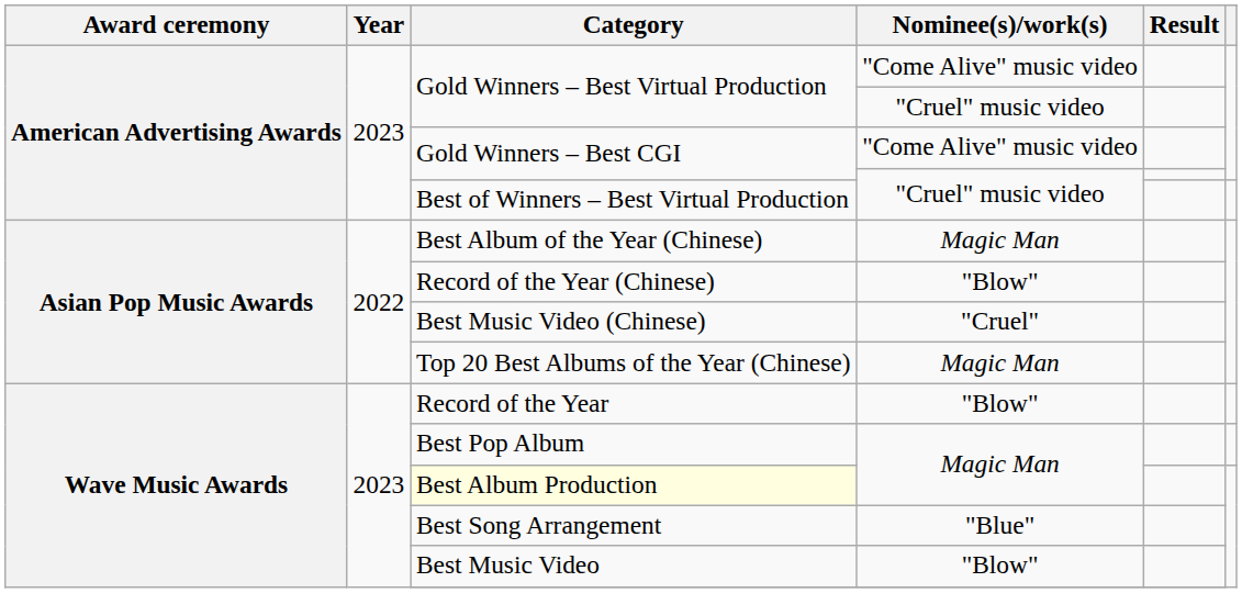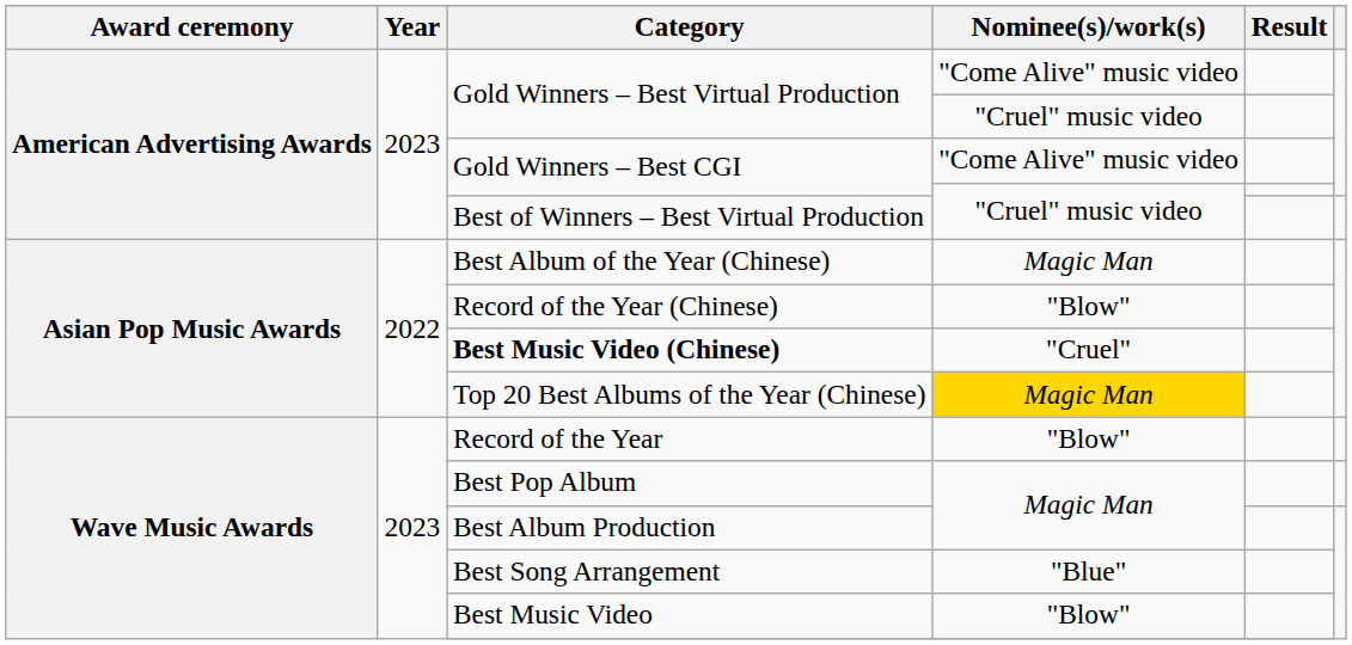 <table class="sortable wikitable plainrowheaders">
 <tr style="background:#ccc; text-align:center;">
 <th scope="col">Award ceremony</th>
 <th scope="col">Year</th>
 <th scope="col">Category</th>
 <th scope="col">Nominee(s)/work(s)</th>
 <th scope="col">Result</th>
 <th scope="col" class="unsortable"></th>
 </tr>
 <tr>
 <th scope="row" rowspan="5">American Advertising Awards </th>
 <td style="text-align:center;" rowspan="5">2023</td>
 <td rowspan="2">Gold Winners – Best Virtual Production</td>
 <td style="text-align:center;">"Come Alive" music video</td>
 <td></td>
 <td rowspan="4" style="text-align:center;"></td>
 </tr>
 <tr>
 <td style="text-align:center;">"Cruel" music video</td>
 <td></td>
 </tr>
 <tr>
 <td rowspan="2">Gold Winners – Best CGI</td>
 <td style="text-align:center;">"Come Alive" music video</td>
 <td></td>
 </tr>
 <tr>
 <td style="text-align:center;" rowspan=2>"Cruel" music video</td>
 <td></td>
 </tr>
 <tr>
 <td>Best of Winners – Best Virtual Production</td>
 <td></td>
 <td style="text-align:center;"></td>
 </tr>
 <tr>
 <th scope="row" rowspan="4">Asian Pop Music Awards</th>
 <td style="text-align:center;" rowspan="4">2022</td>
 <td>Best Album of the Year (Chinese)</td>
 <td style="text-align:center;"><em>Magic Man</em></td>
 <td></td>
 <td rowspan="4" style="text-align:center;"></td>
 </tr>
 <tr>
 <td>Record of the Year (Chinese)</td>
 <td style="text-align:center;">"Blow"</td>
 <td></td>
 </tr>
 <tr>
-<td>Best Music Video (Chinese)</td>
+<td><strong>Best Music Video (Chinese)</strong></td>
 <td style="text-align:center;">"Cruel"</td>
 <td></td>
 </tr>
 <tr>
 <td>Top 20 Best Albums of the Year (Chinese)</td>
-<td style="text-align:center;"><em>Magic Man</em></td>
+<td style="background: gold; text-align:center;"><em>Magic Man</em></td>
 <td></td>
 </tr>
 <tr>
 <th scope="row" rowspan=6>Wave Music Awards </th>
 <td style="text-align:center;" rowspan=6>2023</td>
 <td>Record of the Year</td>
 <td style="text-align:center;">"Blow"</td>
 <td></td>
 <td style="text-align:center;"></td>
 </tr>
 <tr>
 <td>Best Pop Album</td>
 <td style="text-align:center;" rowspan=2><em>Magic Man</em></td>
 <td></td>
 <td style="text-align:center;"></td>
 </tr>
 <tr>
-<td style="background: lightyellow;">Best Album Production</td>
+<td>Best Album Production</td>
 <td></td>
 <td style="text-align:center;" rowspan=4></td>
 </tr>
 <tr>
 <td>Best Song Arrangement</td>
 <td style="text-align:center;">"Blue"</td>
 <td></td>
 </tr>
 <tr>
 <td>Best Music Video</td>
 <td style="text-align:center;">"Blow"</td>
 <td></td>
 </tr>
 <tr>
 </tr>
 </table>
